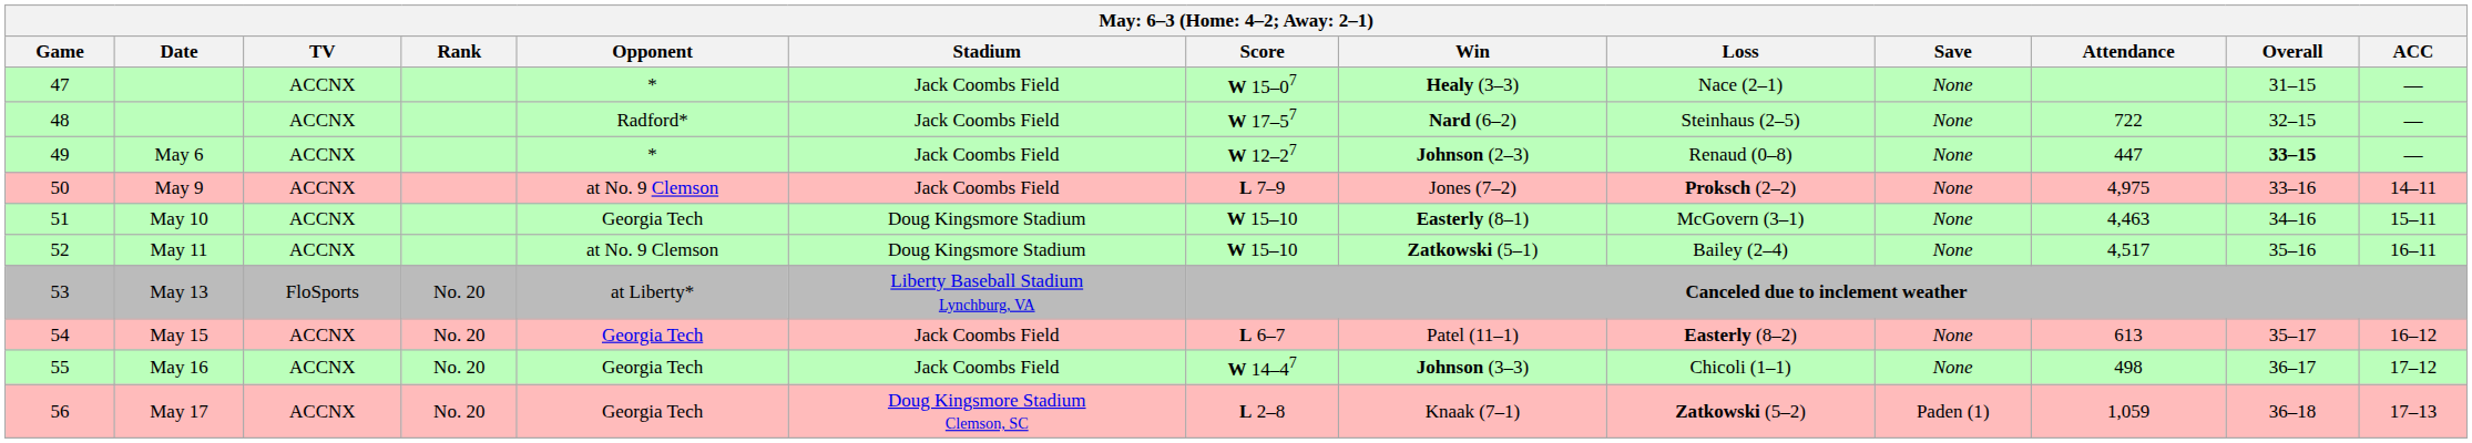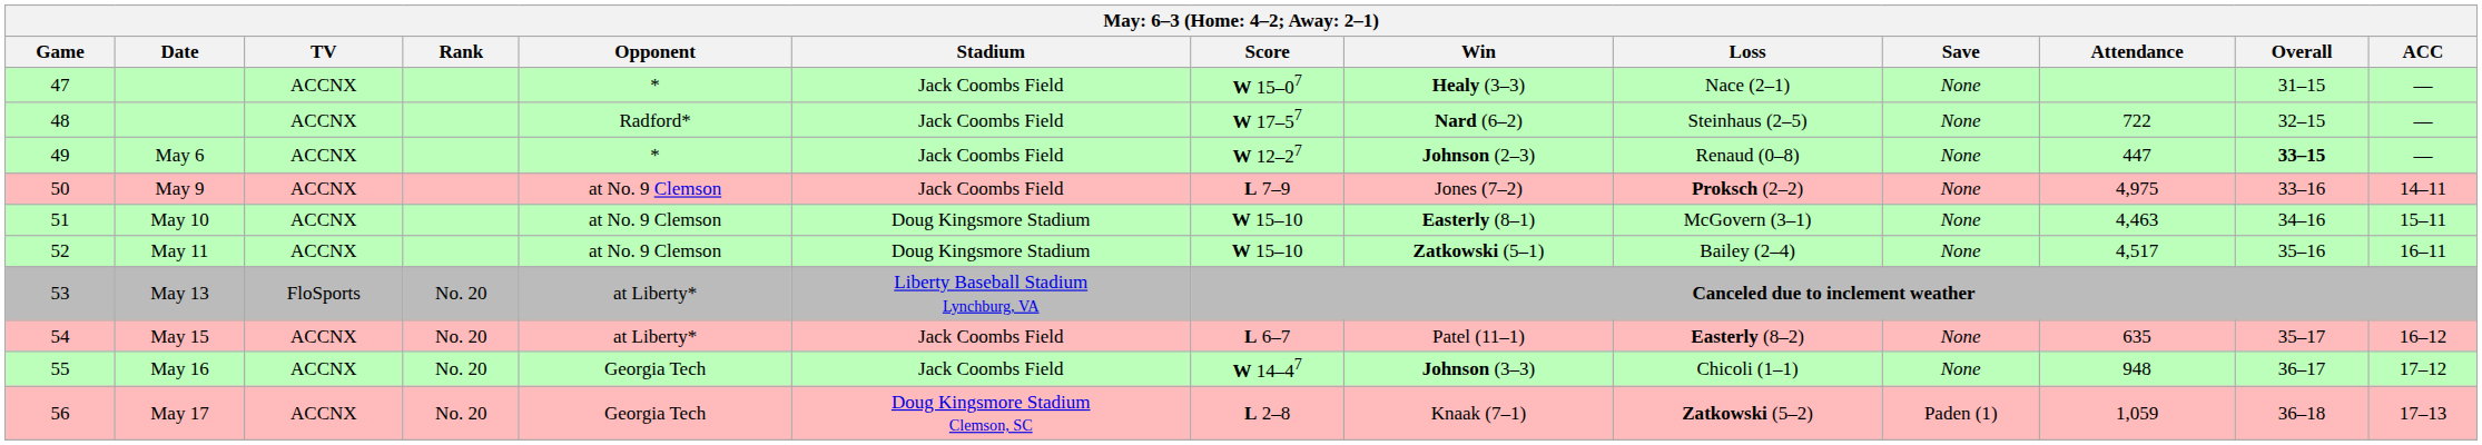 <table class="wikitable collapsible" style="margin:auto; width:100%; text-align:center; font-size:95%">
 <tr>
 <th colspan=13>May: 6–3 (Home: 4–2; Away: 2–1)</th>
 </tr>
 <tr>
 <th>Game</th>
 <th>Date</th>
 <th>TV</th>
 <th>Rank</th>
 <th>Opponent</th>
 <th>Stadium</th>
 <th>Score</th>
 <th>Win</th>
 <th>Loss</th>
 <th>Save</th>
 <th>Attendance</th>
 <th>Overall</th>
 <th>ACC</th>
 </tr>
 <tr style="background:#bfb">
 <td>47</td>
 <td></td>
 <td>ACCNX</td>
 <td></td>
 <td>*</td>
 <td>Jack Coombs Field</td>
 <td><strong>W</strong> 15–0<sup>7</sup></td>
 <td><strong>Healy</strong> (3–3)</td>
 <td>Nace (2–1)</td>
 <td><em>None</em></td>
 <td></td>
 <td>31–15</td>
 <td>—</td>
 </tr>
 <tr style="background:#bfb">
 <td>48</td>
 <td></td>
 <td>ACCNX</td>
 <td></td>
 <td>Radford*</td>
 <td>Jack Coombs Field</td>
 <td><strong>W</strong> 17–5<sup>7</sup></td>
 <td><strong>Nard</strong> (6–2)</td>
 <td>Steinhaus (2–5)</td>
 <td><em>None</em></td>
 <td>722</td>
 <td>32–15</td>
 <td>—</td>
 </tr>
 <tr style="background:#bfb">
 <td>49</td>
 <td>May 6</td>
 <td>ACCNX</td>
 <td></td>
 <td>*</td>
 <td>Jack Coombs Field</td>
 <td><strong>W</strong> 12–2<sup>7</sup></td>
 <td><strong>Johnson</strong> (2–3)</td>
 <td>Renaud (0–8)</td>
 <td><em>None</em></td>
 <td>447</td>
 <td><strong>33–15</strong></td>
 <td>—</td>
 </tr>
 <tr style="background:#fbb">
 <td>50</td>
 <td>May 9</td>
 <td>ACCNX</td>
 <td></td>
 <td>at No. 9 <a href='#'>Clemson</a></td>
 <td>Jack Coombs Field</td>
 <td><strong>L</strong> 7–9</td>
 <td>Jones (7–2)</td>
 <td><strong>Proksch</strong> (2–2)</td>
 <td><em>None</em></td>
 <td>4,975</td>
 <td>33–16</td>
 <td>14–11</td>
 </tr>
 <tr style="background:#bfb">
 <td>51</td>
 <td>May 10</td>
 <td>ACCNX</td>
 <td></td>
-<td>Georgia Tech</td>
+<td>at No. 9 Clemson</td>
 <td>Doug Kingsmore Stadium</td>
 <td><strong>W</strong> 15–10</td>
 <td><strong>Easterly</strong> (8–1)</td>
 <td>McGovern (3–1)</td>
 <td><em>None</em></td>
 <td>4,463</td>
 <td>34–16</td>
 <td>15–11</td>
 </tr>
 <tr style="background:#bfb">
 <td>52</td>
 <td>May 11</td>
 <td>ACCNX</td>
 <td></td>
 <td>at No. 9 Clemson</td>
 <td>Doug Kingsmore Stadium</td>
 <td><strong>W</strong> 15–10</td>
 <td><strong>Zatkowski</strong> (5–1)</td>
 <td>Bailey (2–4)</td>
 <td><em>None</em></td>
 <td>4,517</td>
 <td>35–16</td>
 <td>16–11</td>
 </tr>
 <tr style="background:#bbb">
 <td>53</td>
 <td>May 13</td>
 <td>FloSports</td>
 <td>No. 20</td>
 <td>at Liberty*</td>
 <td><a href='#'>Liberty Baseball Stadium</a><br><small><a href='#'>Lynchburg, VA</a></small></td>
 <td colspan="7"><strong>Canceled due to inclement weather</strong></td>
 </tr>
 <tr style="background:#fbb">
 <td>54</td>
 <td>May 15</td>
 <td>ACCNX</td>
 <td>No. 20</td>
-<td><a href='#'>Georgia Tech</a></td>
+<td>at Liberty*</td>
 <td>Jack Coombs Field</td>
 <td><strong>L</strong> 6–7</td>
 <td>Patel (11–1)</td>
 <td><strong>Easterly</strong> (8–2)</td>
 <td><em>None</em></td>
-<td>613</td>
+<td>635</td>
 <td>35–17</td>
 <td>16–12</td>
 </tr>
 <tr style="background:#bfb">
 <td>55</td>
 <td>May 16</td>
 <td>ACCNX</td>
 <td>No. 20</td>
 <td>Georgia Tech</td>
 <td>Jack Coombs Field</td>
 <td><strong>W</strong> 14–4<sup>7</sup></td>
 <td><strong>Johnson</strong> (3–3)</td>
 <td>Chicoli (1–1)</td>
 <td><em>None</em></td>
-<td>498</td>
+<td>948</td>
 <td>36–17</td>
 <td>17–12</td>
 </tr>
 <tr style="background:#fbb">
 <td>56</td>
 <td>May 17</td>
 <td>ACCNX</td>
 <td>No. 20</td>
 <td>Georgia Tech</td>
 <td><a href='#'>Doug Kingsmore Stadium</a><br><small><a href='#'>Clemson, SC</a></small></td>
 <td><strong>L</strong> 2–8</td>
 <td>Knaak (7–1)</td>
 <td><strong>Zatkowski</strong> (5–2)</td>
 <td>Paden (1)</td>
 <td>1,059</td>
 <td>36–18</td>
 <td>17–13</td>
 </tr>
 <tr>
 </tr>
 </table>
